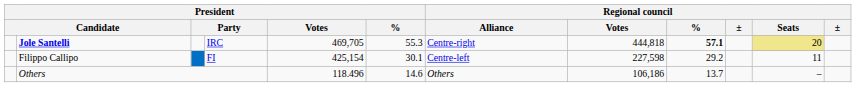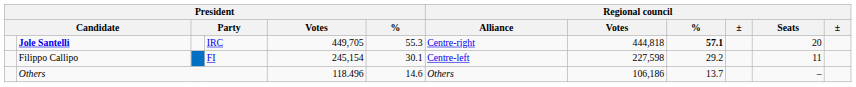 <table class="wikitable" style="text-align:right; style="width=70%">
 <tr>
 <th colspan="6">President</th>
 <th colspan="6">Regional council</th>
 </tr>
 <tr>
 <th colspan="2">Candidate</th>
 <th colspan="2">Party</th>
 <th>Votes</th>
 <th>%</th>
 <th>Alliance</th>
 <th>Votes</th>
 <th>%</th>
 <th>±</th>
 <th>Seats</th>
 <th>±</th>
 </tr>
 <tr>
 <td></td>
 <td style="text-align:left"><strong><a href='#'>Jole Santelli</a></strong></td>
 <td></td>
 <td style="text-align:left"><a href='#'>IRC</a></td>
-<td>469,705</td>
+<td>449,705</td>
 <td>55.3</td>
 <td style="text-align:left"><a href='#'>Centre-right</a></td>
 <td>444,818</td>
 <td><strong>57.1</strong></td>
 <td></td>
-<td style="background: khaki;">20</td>
+<td>20</td>
 <td></td>
 </tr>
 <tr>
 <td></td>
 <td style="text-align:left">Filippo Callipo</td>
 <td bgcolor="#006FC4"></td>
 <td style="text-align:left"><a href='#'>FI</a></td>
-<td>425,154</td>
+<td>245,154</td>
 <td>30.1</td>
 <td style="text-align:left"><a href='#'>Centre-left</a></td>
 <td>227,598</td>
 <td>29.2</td>
 <td></td>
 <td>11</td>
 <td></td>
 </tr>
 <tr>
 <td></td>
 <td colspan="3" style="text-align:left"><em>Others</em></td>
 <td>118.496</td>
 <td>14.6</td>
 <td style="text-align:left"><em>Others</em></td>
 <td>106,186</td>
 <td>13.7</td>
 <td></td>
 <td>–</td>
 <td></td>
 </tr>
 </table>
